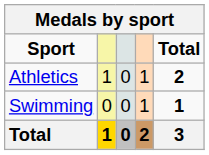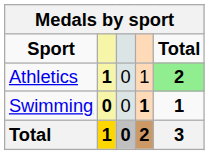 <table class="wikitable" style="text-align:center;font-size:90%">
 <tr style="background:#efefef;">
 <th colspan=7><strong>Medals by sport</strong></th>
 </tr>
 <tr>
 <td><strong>Sport</strong></td>
 <td bgcolor=#f7f6a8></td>
 <td bgcolor=#dce5e5></td>
 <td bgcolor=#ffdab9></td>
 <td><strong>Total</strong></td>
 </tr>
 <tr>
 <td style="text-align:left;"><a href='#'>Athletics</a></td>
-<td style="background:#F7F6A8;">1</td>
+<td style="background:#F7F6A8;"><strong>1</strong></td>
 <td style="background:#DCE5E5;">0</td>
 <td style="background:#FFDAB9;">1</td>
-<td><strong>2</strong></td>
+<td style="background: lightgreen;"><strong>2</strong></td>
 </tr>
 <tr>
 <td style="text-align:left;"><a href='#'>Swimming</a></td>
-<td style="background:#F7F6A8;">0</td>
+<td style="background:#F7F6A8;"><strong>0</strong></td>
 <td style="background:#DCE5E5;">0</td>
-<td style="background:#FFDAB9;">1</td>
+<td style="background:#FFDAB9;"><strong>1</strong></td>
 <td><strong>1</strong></td>
 </tr>
 <tr>
 <th style="text-align:left;"><strong>Total</strong></th>
 <th style="background:gold;"><strong>1</strong></th>
 <th style="background:silver;"><strong>0</strong></th>
 <th style="background:#c96;"><strong>2</strong></th>
 <th><strong>3</strong></th>
 </tr>
 </table>
